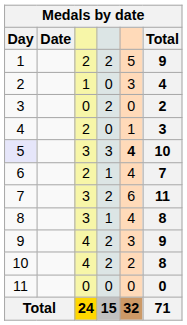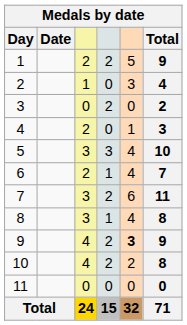 <table class="wikitable" style="font-size:85%; float:right">
 <tr align=center>
 <th colspan=6>Medals by date</th>
 </tr>
 <tr align=center>
 <th>Day</th>
 <th>Date</th>
 <td style="background:#f7f6a8;"></td>
 <td style="background:#dce5e5;"></td>
 <td style="background:#ffdab9;"></td>
 <th>Total</th>
 </tr>
 <tr align=center>
 <td>1</td>
 <td></td>
 <td style="background:#f7f6a8;">2</td>
 <td style="background:#dce5e5;">2</td>
 <td style="background:#ffdab9;">5</td>
 <th>9</th>
 </tr>
 <tr align=center>
 <td>2</td>
 <td></td>
 <td style="background:#f7f6a8;">1</td>
 <td style="background:#dce5e5;">0</td>
 <td style="background:#ffdab9;">3</td>
 <th>4</th>
 </tr>
 <tr align=center>
 <td>3</td>
 <td></td>
 <td style="background:#f7f6a8;">0</td>
 <td style="background:#dce5e5;">2</td>
 <td style="background:#ffdab9;">0</td>
 <th>2</th>
 </tr>
 <tr align=center>
 <td>4</td>
 <td></td>
 <td style="background:#f7f6a8;">2</td>
 <td style="background:#dce5e5;">0</td>
 <td style="background:#ffdab9;">1</td>
 <th>3</th>
 </tr>
 <tr align=center>
-<td style="background: lavender;">5</td>
+<td>5</td>
 <td></td>
 <td style="background:#f7f6a8;">3</td>
 <td style="background:#dce5e5;">3</td>
-<td style="background:#ffdab9;"><strong>4</strong></td>
+<td style="background:#ffdab9;">4</td>
 <th>10</th>
 </tr>
 <tr align=center>
 <td>6</td>
 <td></td>
 <td style="background:#f7f6a8;">2</td>
 <td style="background:#dce5e5;">1</td>
 <td style="background:#ffdab9;">4</td>
 <th>7</th>
 </tr>
 <tr align=center>
 <td>7</td>
 <td></td>
 <td style="background:#f7f6a8;">3</td>
 <td style="background:#dce5e5;">2</td>
 <td style="background:#ffdab9;">6</td>
 <th>11</th>
 </tr>
 <tr align=center>
 <td>8</td>
 <td></td>
 <td style="background:#f7f6a8;">3</td>
 <td style="background:#dce5e5;">1</td>
 <td style="background:#ffdab9;">4</td>
 <th>8</th>
 </tr>
 <tr align=center>
 <td>9</td>
 <td></td>
 <td style="background:#f7f6a8;">4</td>
 <td style="background:#dce5e5;">2</td>
-<td style="background:#ffdab9;">3</td>
+<td style="background:#ffdab9;"><strong>3</strong></td>
 <th>9</th>
 </tr>
 <tr align=center>
 <td>10</td>
 <td></td>
 <td style="background:#f7f6a8;">4</td>
 <td style="background:#dce5e5;">2</td>
 <td style="background:#ffdab9;">2</td>
 <th>8</th>
 </tr>
 <tr align=center>
 <td>11</td>
 <td></td>
 <td style="background:#f7f6a8;">0</td>
 <td style="background:#dce5e5;">0</td>
 <td style="background:#ffdab9;">0</td>
 <th><strong>0</strong></th>
 </tr>
 <tr align=center>
 <th colspan="2">Total</th>
 <th style="background:gold;">24</th>
 <th style="background:silver;">15</th>
 <th style="background:#c96;">32</th>
 <th>71</th>
 </tr>
 </table>
